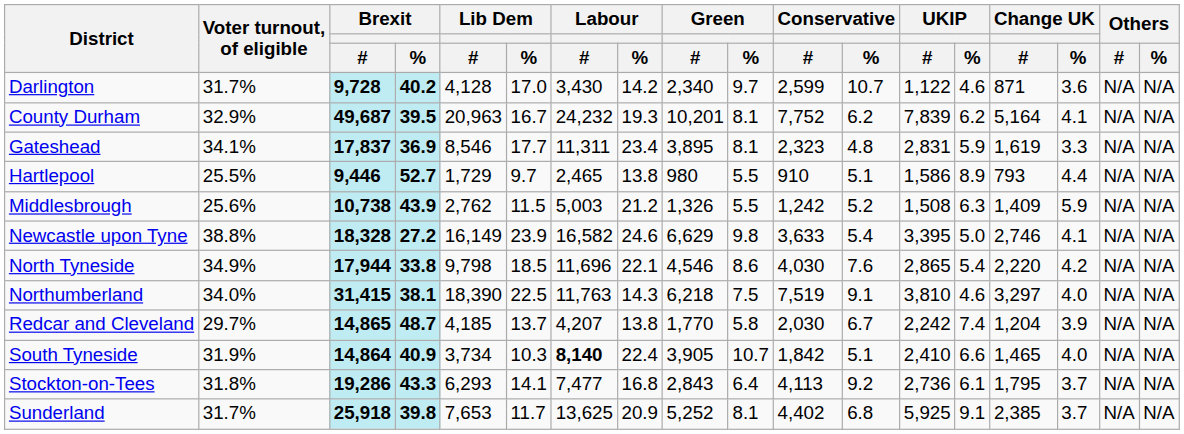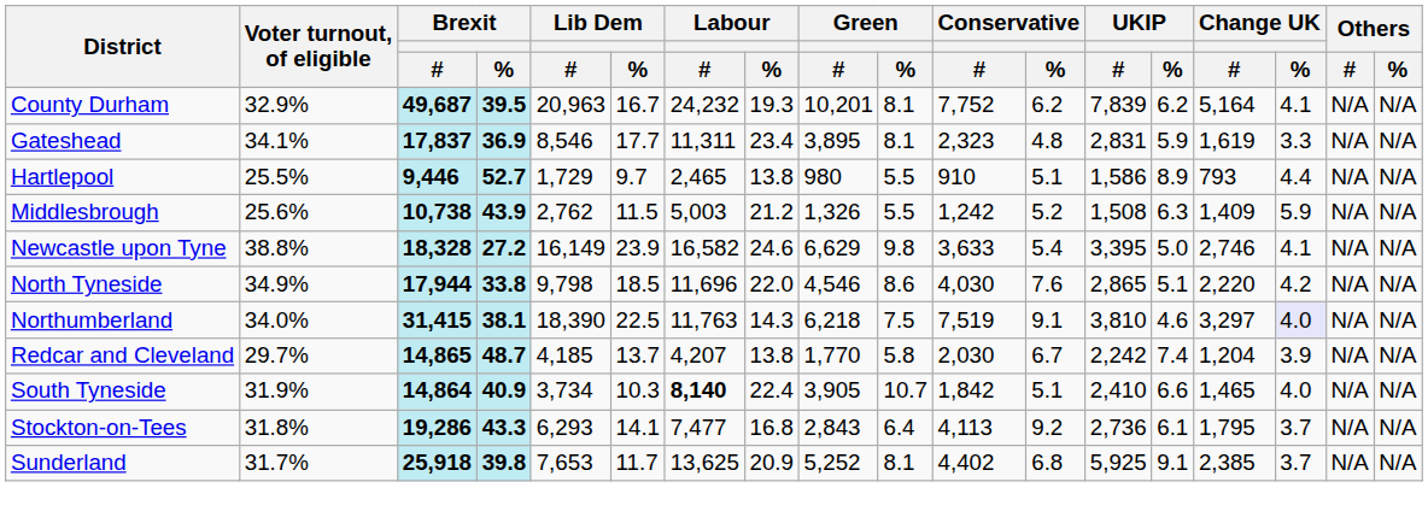 <table class="wikitable sortable">
 <tr>
 <th rowspan="3">District</th>
 <th rowspan="3">Voter turnout,<br>of eligible</th>
 <th colspan="2">Brexit</th>
 <th colspan="2">Lib Dem</th>
 <th colspan="2">Labour</th>
 <th colspan="2">Green</th>
 <th colspan="2">Conservative</th>
 <th colspan="2">UKIP</th>
 <th colspan="2">Change UK</th>
 <th colspan="2" rowspan="2">Others</th>
 </tr>
 <tr>
 <th colspan="2" style="background:"></th>
 <th colspan="2" style="background:"></th>
 <th colspan="2" style="background:"></th>
 <th colspan="2" style="background:"></th>
 <th colspan="2" style="background:"></th>
 <th colspan="2" style="background:"></th>
 <th colspan="2" style="background:"></th>
 </tr>
 <tr>
 <th>#</th>
 <th>%</th>
 <th>#</th>
 <th>%</th>
 <th>#</th>
 <th>%</th>
 <th>#</th>
 <th>%</th>
 <th>#</th>
 <th>%</th>
 <th>#</th>
 <th>%</th>
 <th>#</th>
 <th>%</th>
 <th>#</th>
 <th>%</th>
-</tr>
-<tr>
-<td><a href='#'>Darlington</a></td>
-<td>31.7%</td>
-<td style="background:#BFEBF2;"><strong>9,728</strong></td>
-<td style="background:#BFEBF2;"><strong>40.2</strong></td>
-<td>4,128</td>
-<td>17.0</td>
-<td>3,430</td>
-<td>14.2</td>
-<td>2,340</td>
-<td>9.7</td>
-<td>2,599</td>
-<td>10.7</td>
-<td>1,122</td>
-<td>4.6</td>
-<td>871</td>
-<td>3.6</td>
-<td>N/A</td>
-<td>N/A</td>
 </tr>
 <tr>
 <td><a href='#'>County Durham</a></td>
 <td>32.9%</td>
 <td style="background:#BFEBF2;"><strong>49,687</strong></td>
 <td style="background:#BFEBF2;"><strong>39.5</strong></td>
 <td>20,963</td>
 <td>16.7</td>
 <td>24,232</td>
 <td>19.3</td>
 <td>10,201</td>
 <td>8.1</td>
 <td>7,752</td>
 <td>6.2</td>
 <td>7,839</td>
 <td>6.2</td>
 <td>5,164</td>
 <td>4.1</td>
 <td>N/A</td>
 <td>N/A</td>
 </tr>
 <tr>
 <td><a href='#'>Gateshead</a></td>
 <td>34.1%</td>
 <td style="background:#BFEBF2;"><strong>17,837</strong></td>
 <td style="background:#BFEBF2;"><strong>36.9</strong></td>
 <td>8,546</td>
 <td>17.7</td>
 <td>11,311</td>
 <td>23.4</td>
 <td>3,895</td>
 <td>8.1</td>
 <td>2,323</td>
 <td>4.8</td>
 <td>2,831</td>
 <td>5.9</td>
 <td>1,619</td>
 <td>3.3</td>
 <td>N/A</td>
 <td>N/A</td>
 </tr>
 <tr>
 <td><a href='#'>Hartlepool</a></td>
 <td>25.5%</td>
 <td style="background:#BFEBF2;"><strong>9,446</strong></td>
 <td style="background:#BFEBF2;"><strong>52.7</strong></td>
 <td>1,729</td>
 <td>9.7</td>
 <td>2,465</td>
 <td>13.8</td>
 <td>980</td>
 <td>5.5</td>
 <td>910</td>
 <td>5.1</td>
 <td>1,586</td>
 <td>8.9</td>
 <td>793</td>
 <td>4.4</td>
 <td>N/A</td>
 <td>N/A</td>
 </tr>
 <tr>
 <td><a href='#'>Middlesbrough</a></td>
 <td>25.6%</td>
 <td style="background:#BFEBF2;"><strong>10,738</strong></td>
 <td style="background:#BFEBF2;"><strong>43.9</strong></td>
 <td>2,762</td>
 <td>11.5</td>
 <td>5,003</td>
 <td>21.2</td>
 <td>1,326</td>
 <td>5.5</td>
 <td>1,242</td>
 <td>5.2</td>
 <td>1,508</td>
 <td>6.3</td>
 <td>1,409</td>
 <td>5.9</td>
 <td>N/A</td>
 <td>N/A</td>
 </tr>
 <tr>
 <td><a href='#'>Newcastle upon Tyne</a></td>
 <td>38.8%</td>
 <td style="background:#BFEBF2;"><strong>18,328</strong></td>
 <td style="background:#BFEBF2;"><strong>27.2</strong></td>
 <td>16,149</td>
 <td>23.9</td>
 <td>16,582</td>
 <td>24.6</td>
 <td>6,629</td>
 <td>9.8</td>
 <td>3,633</td>
 <td>5.4</td>
 <td>3,395</td>
 <td>5.0</td>
 <td>2,746</td>
 <td>4.1</td>
 <td>N/A</td>
 <td>N/A</td>
 </tr>
 <tr>
 <td><a href='#'>North Tyneside</a></td>
 <td>34.9%</td>
 <td style="background:#BFEBF2;"><strong>17,944</strong></td>
 <td style="background:#BFEBF2;"><strong>33.8</strong></td>
 <td>9,798</td>
 <td>18.5</td>
 <td>11,696</td>
-<td>22.1</td>
+<td>22.0</td>
 <td>4,546</td>
 <td>8.6</td>
 <td>4,030</td>
 <td>7.6</td>
 <td>2,865</td>
-<td>5.4</td>
+<td>5.1</td>
 <td>2,220</td>
 <td>4.2</td>
 <td>N/A</td>
 <td>N/A</td>
 </tr>
 <tr>
 <td><a href='#'>Northumberland</a></td>
 <td>34.0%</td>
 <td style="background:#BFEBF2;"><strong>31,415</strong></td>
 <td style="background:#BFEBF2;"><strong>38.1</strong></td>
 <td>18,390</td>
 <td>22.5</td>
 <td>11,763</td>
 <td>14.3</td>
 <td>6,218</td>
 <td>7.5</td>
 <td>7,519</td>
 <td>9.1</td>
 <td>3,810</td>
 <td>4.6</td>
 <td>3,297</td>
-<td>4.0</td>
+<td style="background: lavender;">4.0</td>
 <td>N/A</td>
 <td>N/A</td>
 </tr>
 <tr>
 <td><a href='#'>Redcar and Cleveland</a></td>
 <td>29.7%</td>
 <td style="background:#BFEBF2;"><strong>14,865</strong></td>
 <td style="background:#BFEBF2;"><strong>48.7</strong></td>
 <td>4,185</td>
 <td>13.7</td>
 <td>4,207</td>
 <td>13.8</td>
 <td>1,770</td>
 <td>5.8</td>
 <td>2,030</td>
 <td>6.7</td>
 <td>2,242</td>
 <td>7.4</td>
 <td>1,204</td>
 <td>3.9</td>
 <td>N/A</td>
 <td>N/A</td>
 </tr>
 <tr>
 <td><a href='#'>South Tyneside</a></td>
 <td>31.9%</td>
 <td style="background:#BFEBF2;"><strong>14,864</strong></td>
 <td style="background:#BFEBF2;"><strong>40.9</strong></td>
 <td>3,734</td>
 <td>10.3</td>
 <td><strong>8,140</strong></td>
 <td>22.4</td>
 <td>3,905</td>
 <td>10.7</td>
 <td>1,842</td>
 <td>5.1</td>
 <td>2,410</td>
 <td>6.6</td>
 <td>1,465</td>
 <td>4.0</td>
 <td>N/A</td>
 <td>N/A</td>
 </tr>
 <tr>
 <td><a href='#'>Stockton-on-Tees</a></td>
 <td>31.8%</td>
 <td style="background:#BFEBF2;"><strong>19,286</strong></td>
 <td style="background:#BFEBF2;"><strong>43.3</strong></td>
 <td>6,293</td>
 <td>14.1</td>
 <td>7,477</td>
 <td>16.8</td>
 <td>2,843</td>
 <td>6.4</td>
 <td>4,113</td>
 <td>9.2</td>
 <td>2,736</td>
 <td>6.1</td>
 <td>1,795</td>
 <td>3.7</td>
 <td>N/A</td>
 <td>N/A</td>
 </tr>
 <tr>
 <td><a href='#'>Sunderland</a></td>
 <td>31.7%</td>
 <td style="background:#BFEBF2;"><strong>25,918</strong></td>
 <td style="background:#BFEBF2;"><strong>39.8</strong></td>
 <td>7,653</td>
 <td>11.7</td>
 <td>13,625</td>
 <td>20.9</td>
 <td>5,252</td>
 <td>8.1</td>
 <td>4,402</td>
 <td>6.8</td>
 <td>5,925</td>
 <td>9.1</td>
 <td>2,385</td>
 <td>3.7</td>
 <td>N/A</td>
 <td>N/A</td>
 </tr>
 </table>
